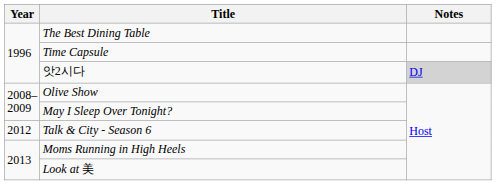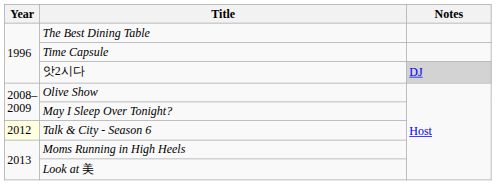 <table class="wikitable" style="width:650px">
 <tr>
 <th width=10>Year</th>
 <th>Title</th>
 <th>Notes</th>
 </tr>
 <tr>
 <td rowspan=3>1996</td>
 <td><em>The Best Dining Table</em></td>
 <td></td>
 </tr>
 <tr>
 <td><em>Time Capsule</em></td>
 <td></td>
 </tr>
 <tr>
 <td>앗2시다</td>
 <td style="background: lightgrey;"><a href='#'>DJ</a></td>
 </tr>
 <tr>
 <td rowspan=2>2008–2009</td>
 <td><em>Olive Show</em></td>
 <td rowspan="6"><a href='#'>Host</a></td>
 </tr>
 <tr>
 <td><em>May I Sleep Over Tonight?</em></td>
 </tr>
 <tr>
-<td>2012</td>
+<td style="background: lightyellow;">2012</td>
 <td><em>Talk & City - Season 6</em></td>
 </tr>
 <tr>
 <td rowspan=2>2013</td>
 <td><em>Moms Running in High Heels</em></td>
 </tr>
 <tr>
 <td><em>Look at</em> 美</td>
 </tr>
 </table>
